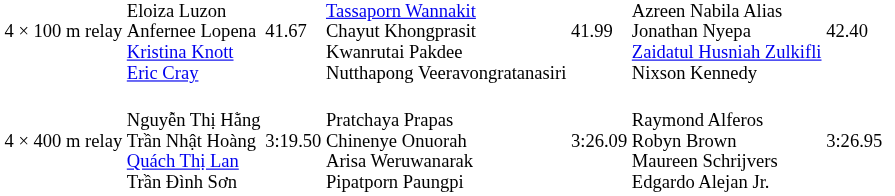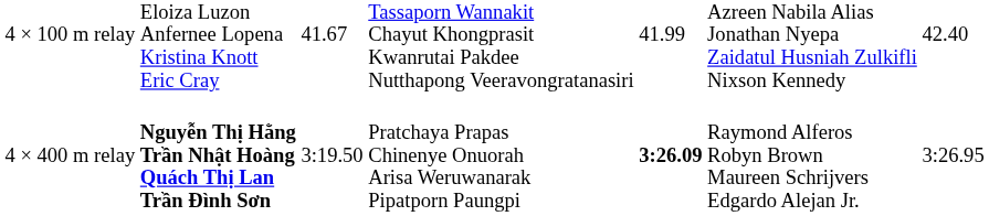 <table>
 <tr>
 <td>4 × 100 m relay</td>
 <td><br>Eloiza Luzon<br>Anfernee Lopena<br><a href='#'>Kristina Knott</a><br><a href='#'>Eric Cray</a></td>
 <td>41.67</td>
 <td><br><a href='#'>Tassaporn Wannakit</a><br>Chayut Khongprasit<br>Kwanrutai Pakdee<br>Nutthapong Veeravongratanasiri</td>
 <td>41.99</td>
 <td><br>Azreen Nabila Alias<br>Jonathan Nyepa<br><a href='#'>Zaidatul Husniah Zulkifli</a><br>Nixson Kennedy</td>
 <td>42.40</td>
 </tr>
 <tr>
 <td>4 × 400 m relay</td>
-<td><br>Nguyễn Thị Hằng<br>Trần Nhật Hoàng<br><a href='#'>Quách Thị Lan</a><br>Trần Đình Sơn</td>
+<td><strong><br>Nguyễn Thị Hằng<br>Trần Nhật Hoàng<br><a href='#'>Quách Thị Lan</a><br>Trần Đình Sơn</strong></td>
 <td>3:19.50</td>
 <td><br>Pratchaya Prapas<br>Chinenye Onuorah<br>Arisa Weruwanarak<br>Pipatporn Paungpi</td>
-<td>3:26.09</td>
+<td><strong>3:26.09</strong></td>
 <td><br>Raymond Alferos<br>Robyn Brown<br>Maureen Schrijvers<br>Edgardo Alejan Jr.</td>
 <td>3:26.95</td>
 </tr>
 </table>
